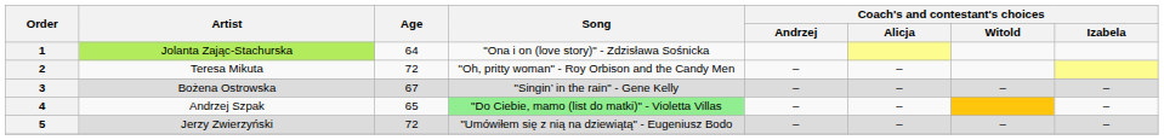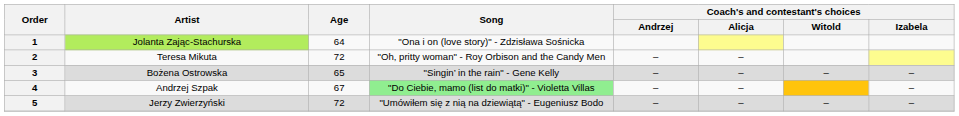 <table class="wikitable" style="text-align:center; width:100%;">
 <tr>
 <th scope="col" rowspan="2" style="width:05%;">Order</th>
 <th scope="col" rowspan="2" style="width:20%;">Artist</th>
 <th scope="col" rowspan="2" style="width:05%;">Age</th>
 <th scope="col" rowspan="2" style="width:20%;">Song</th>
 <th scope="col" colspan="4" style="width:32%;">Coach's and contestant's choices</th>
 </tr>
 <tr>
 <th style="width:07%;">Andrzej</th>
 <th style="width:07%;">Alicja</th>
 <th style="width:07%;">Witold</th>
 <th style="width:07%;">Izabela</th>
 </tr>
 <tr>
 <th>1</th>
 <td style="background:#B2EC5D;">Jolanta Zając-Stachurska</td>
 <td>64</td>
 <td>"Ona i on (love story)" - Zdzisława Sośnicka</td>
 <td><strong></strong></td>
 <td style="background:#fdfc8f;"><strong></strong></td>
 <td><strong></strong></td>
 <td><strong></strong></td>
 </tr>
 <tr>
 <th>2</th>
 <td>Teresa Mikuta</td>
 <td>72</td>
 <td>"Oh, pritty woman" - Roy Orbison and the Candy Men</td>
 <td>–</td>
 <td>–</td>
 <td><strong></strong></td>
 <td style="background:#fdfc8f;"><strong></strong></td>
 </tr>
 <tr>
 <th>3</th>
 <td style="background:#dcdcdc;">Bożena Ostrowska</td>
-<td style="background:#dcdcdc;">67</td>
+<td style="background:#dcdcdc;">65</td>
 <td style="background:#dcdcdc;">"Singin’ in the rain" - Gene Kelly</td>
 <td style="background:#dcdcdc;">–</td>
 <td style="background:#dcdcdc;">–</td>
 <td style="background:#dcdcdc;">–</td>
 <td style="background:#dcdcdc;">–</td>
 </tr>
 <tr>
 <th>4</th>
 <td>Andrzej Szpak</td>
-<td>65</td>
+<td>67</td>
 <td style="background: lightgreen;">"Do Ciebie, mamo (list do matki)" - Violetta Villas</td>
 <td>–</td>
 <td>–</td>
 <td style="background:#ffc40c;"><strong></strong></td>
 <td>–</td>
 </tr>
 <tr>
 <th>5</th>
 <td style="background:#dcdcdc;">Jerzy Zwierzyński</td>
 <td style="background:#dcdcdc;">72</td>
 <td style="background:#dcdcdc;">"Umówiłem się z nią na dziewiątą" - Eugeniusz Bodo</td>
 <td style="background:#dcdcdc;">–</td>
 <td style="background:#dcdcdc;">–</td>
 <td style="background:#dcdcdc;">–</td>
 <td style="background:#dcdcdc;">–</td>
 </tr>
 <tr>
 </tr>
 </table>
